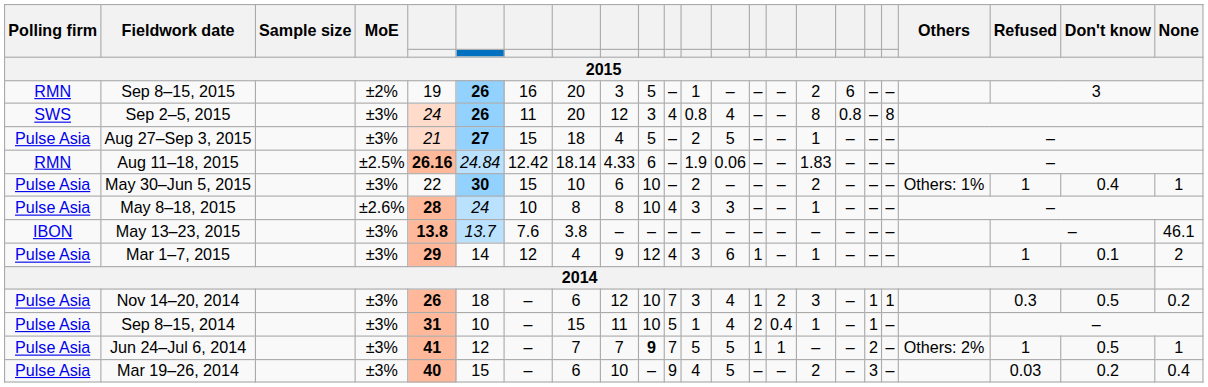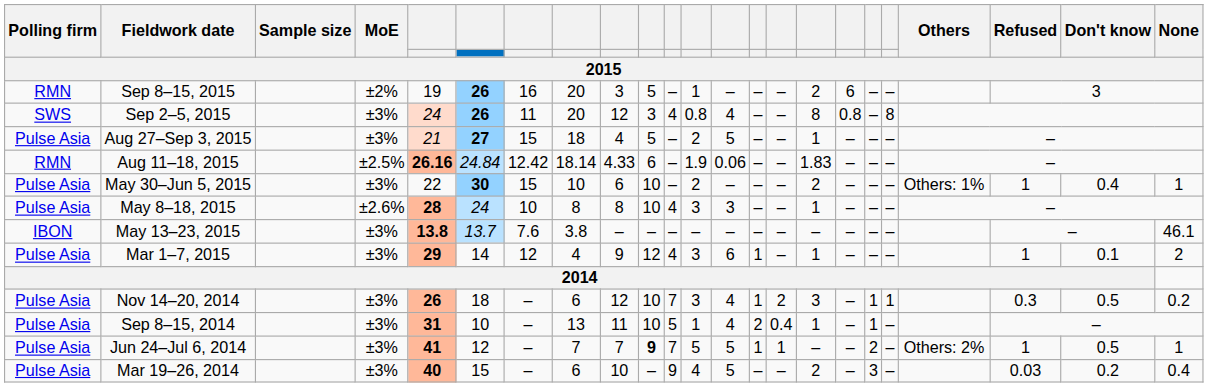 <table class="wikitable" style="text-align:center;font-size:90%;line-height:14px;">
 <tr style="height:40px;">
 <th rowspan="2">Polling firm</th>
 <th rowspan="2">Fieldwork date</th>
 <th rowspan="2">Sample size</th>
 <th rowspan="2"><abbr>MoE</abbr></th>
 <th></th>
 <th></th>
 <th></th>
 <th></th>
 <th></th>
 <th></th>
 <th></th>
 <th></th>
 <th></th>
 <th></th>
 <th></th>
 <th></th>
 <th></th>
 <th></th>
 <th></th>
 <th style="width:75px;" rowspan="2">Others</th>
 <th rowspan="2">Refused</th>
 <th rowspan="2">Don't know</th>
 <th rowspan="2">None</th>
 </tr>
 <tr>
 <th style="background:"></th>
 <th style="background:#0070C0;"></th>
 <th style="background:"></th>
 <th style="background:"></th>
 <th style="background:"></th>
 <th style="background:"></th>
 <th style="background:"></th>
 <th style="background:"></th>
 <th style="background:"></th>
 <th style="background:"></th>
 <th style="background:"></th>
 <th style="background:"></th>
 <th style="background:"></th>
 <th style="background:"></th>
 <th style="background:"></th>
 </tr>
 <tr>
 <th colspan="23">2015</th>
 </tr>
 <tr>
 <td><a href='#'>RMN</a></td>
 <td>Sep 8–15, 2015</td>
 <td></td>
 <td>±2%</td>
 <td>19</td>
 <td style="background:#93d2ff;"><strong>26</strong></td>
 <td>16</td>
 <td>20</td>
 <td>3</td>
 <td>5</td>
 <td>–</td>
 <td>1</td>
 <td>–</td>
 <td>–</td>
 <td>–</td>
 <td>2</td>
 <td>6</td>
 <td>–</td>
 <td>–</td>
 <td></td>
 <td colspan="3">3</td>
 </tr>
 <tr>
 <td><a href='#'>SWS</a></td>
 <td>Sep 2–5, 2015</td>
 <td></td>
 <td>±3%</td>
 <td style="background:#FFDBCC;"><em>24</em></td>
 <td style="background:#93d2ff;"><strong>26</strong></td>
 <td>11</td>
 <td>20</td>
 <td>12</td>
 <td>3</td>
 <td>4</td>
 <td>0.8</td>
 <td>4</td>
 <td>–</td>
 <td>–</td>
 <td>8</td>
 <td>0.8</td>
 <td>–</td>
 <td>8</td>
 <td colspan="4"></td>
 </tr>
 <tr>
 <td><a href='#'>Pulse Asia</a></td>
 <td>Aug 27–Sep 3, 2015</td>
 <td></td>
 <td>±3%</td>
 <td style="background:#FFDBCC;"><em>21</em></td>
 <td style="background:#93d2ff;"><strong>27</strong></td>
 <td>15</td>
 <td>18</td>
 <td>4</td>
 <td>5</td>
 <td>–</td>
 <td>2</td>
 <td>5</td>
 <td>–</td>
 <td>–</td>
 <td>1</td>
 <td>–</td>
 <td>–</td>
 <td>–</td>
 <td colspan="4">–</td>
 </tr>
 <tr>
 <td><a href='#'>RMN</a></td>
 <td>Aug 11–18, 2015</td>
 <td></td>
 <td>±2.5%</td>
 <td style="background:#FFB899;"><strong>26.16</strong></td>
 <td style="background:#bae2ff;"><em>24.84</em></td>
 <td>12.42</td>
 <td>18.14</td>
 <td>4.33</td>
 <td>6</td>
 <td>–</td>
 <td>1.9</td>
 <td>0.06</td>
 <td>–</td>
 <td>–</td>
 <td>1.83</td>
 <td>–</td>
 <td>–</td>
 <td>–</td>
 <td colspan="4">–</td>
 </tr>
 <tr>
 <td><a href='#'>Pulse Asia</a></td>
 <td>May 30–Jun 5, 2015</td>
 <td></td>
 <td>±3%</td>
 <td>22</td>
 <td style="background:#93d2ff;"><strong>30</strong></td>
 <td>15</td>
 <td>10</td>
 <td>6</td>
 <td>10</td>
 <td>–</td>
 <td>2</td>
 <td>–</td>
 <td>–</td>
 <td>–</td>
 <td>2</td>
 <td>–</td>
 <td>–</td>
 <td>–</td>
 <td>Others: 1%</td>
 <td>1</td>
 <td>0.4</td>
 <td>1</td>
 </tr>
 <tr>
 <td><a href='#'>Pulse Asia</a></td>
 <td>May 8–18, 2015</td>
 <td></td>
 <td>±2.6%</td>
 <td style="background:#FFB899;"><strong>28</strong></td>
 <td style="background:#bae2ff;"><em>24</em></td>
 <td>10</td>
 <td>8</td>
 <td>8</td>
 <td>10</td>
 <td>4</td>
 <td>3</td>
 <td>3</td>
 <td>–</td>
 <td>–</td>
 <td>1</td>
 <td>–</td>
 <td>–</td>
 <td>–</td>
 <td colspan="4">–</td>
 </tr>
 <tr>
 <td><a href='#'>IBON</a></td>
 <td>May 13–23, 2015</td>
 <td></td>
 <td>±3%</td>
 <td style="background:#FFB899;"><strong>13.8</strong></td>
 <td style="background:#bae2ff;"><em>13.7</em></td>
 <td>7.6</td>
 <td>3.8</td>
 <td>–</td>
 <td>–</td>
 <td>–</td>
 <td>–</td>
 <td>–</td>
 <td>–</td>
 <td>–</td>
 <td>–</td>
 <td>–</td>
 <td>–</td>
 <td>–</td>
 <td></td>
 <td colspan="2">–</td>
 <td>46.1</td>
 </tr>
 <tr>
 <td><a href='#'>Pulse Asia</a></td>
 <td>Mar 1–7, 2015</td>
 <td></td>
 <td>±3%</td>
 <td style="background:#FFB899;"><strong>29</strong></td>
 <td>14</td>
 <td>12</td>
 <td>4</td>
 <td>9</td>
 <td>12</td>
 <td>4</td>
 <td>3</td>
 <td>6</td>
 <td>1</td>
 <td>–</td>
 <td>1</td>
 <td>–</td>
 <td>–</td>
 <td>–</td>
 <td></td>
 <td>1</td>
 <td>0.1</td>
 <td>2</td>
 </tr>
 <tr>
 <th colspan="22">2014</th>
 <td></td>
 </tr>
 <tr>
 <td><a href='#'>Pulse Asia</a></td>
 <td>Nov 14–20, 2014</td>
 <td></td>
 <td>±3%</td>
 <td style="background:#FFB899;"><strong>26</strong></td>
 <td>18</td>
 <td>–</td>
 <td>6</td>
 <td>12</td>
 <td>10</td>
 <td>7</td>
 <td>3</td>
 <td>4</td>
 <td>1</td>
 <td>2</td>
 <td>3</td>
 <td>–</td>
 <td>1</td>
 <td>1</td>
 <td></td>
 <td>0.3</td>
 <td>0.5</td>
 <td>0.2</td>
 </tr>
 <tr>
 <td><a href='#'>Pulse Asia</a></td>
 <td>Sep 8–15, 2014</td>
 <td></td>
 <td>±3%</td>
 <td style="background:#FFB899;"><strong>31</strong></td>
 <td>10</td>
 <td>–</td>
-<td>15</td>
+<td>13</td>
 <td>11</td>
 <td>10</td>
 <td>5</td>
 <td>1</td>
 <td>4</td>
 <td>2</td>
 <td>0.4</td>
 <td>1</td>
 <td>–</td>
 <td>1</td>
 <td>–</td>
 <td></td>
 <td colspan="3">–</td>
 </tr>
 <tr>
 <td><a href='#'>Pulse Asia</a></td>
 <td>Jun 24–Jul 6, 2014</td>
 <td></td>
 <td>±3%</td>
 <td style="background:#FFB899;"><strong>41</strong></td>
 <td>12</td>
 <td>–</td>
 <td>7</td>
 <td>7</td>
 <td><strong>9</strong></td>
 <td>7</td>
 <td>5</td>
 <td>5</td>
 <td>1</td>
 <td>1</td>
 <td>–</td>
 <td>–</td>
 <td>2</td>
 <td>–</td>
 <td>Others: 2%</td>
 <td>1</td>
 <td>0.5</td>
 <td>1</td>
 </tr>
 <tr>
 <td><a href='#'>Pulse Asia</a></td>
 <td>Mar 19–26, 2014</td>
 <td></td>
 <td>±3%</td>
 <td style="background:#FFB899;"><strong>40</strong></td>
 <td>15</td>
 <td>–</td>
 <td>6</td>
 <td>10</td>
 <td>–</td>
 <td>9</td>
 <td>4</td>
 <td>5</td>
 <td>–</td>
 <td>–</td>
 <td>2</td>
 <td>–</td>
 <td>3</td>
 <td>–</td>
 <td></td>
 <td>0.03</td>
 <td>0.2</td>
 <td>0.4</td>
 </tr>
 </table>
